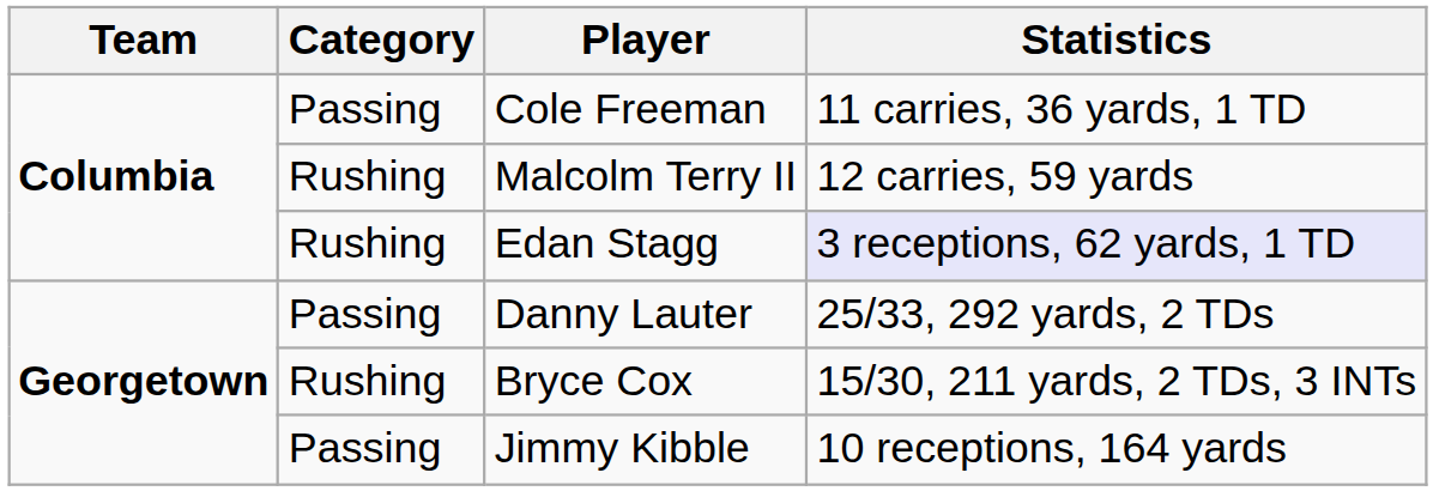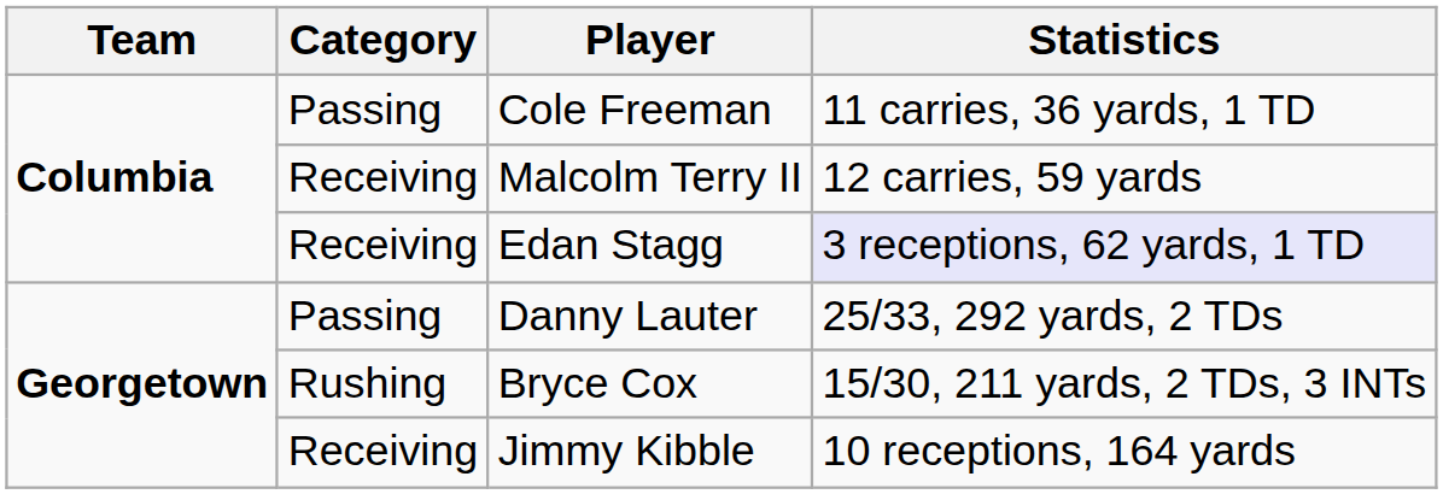 <table class="wikitable" style="float: right;">
 <tr>
 <th>Team</th>
 <th>Category</th>
 <th>Player</th>
 <th>Statistics</th>
 </tr>
 <tr>
 <td rowspan=3><strong>Columbia</strong></td>
 <td>Passing</td>
 <td>Cole Freeman</td>
 <td>11 carries, 36 yards, 1 TD</td>
 </tr>
 <tr>
-<td>Rushing</td>
+<td>Receiving</td>
 <td>Malcolm Terry II</td>
 <td>12 carries, 59 yards</td>
 </tr>
 <tr>
-<td>Rushing</td>
+<td>Receiving</td>
 <td>Edan Stagg</td>
 <td style="background: lavender;">3 receptions, 62 yards, 1 TD</td>
 </tr>
 <tr>
 <td rowspan=3><strong>Georgetown</strong></td>
 <td>Passing</td>
 <td>Danny Lauter</td>
 <td>25/33, 292 yards, 2 TDs</td>
 </tr>
 <tr>
 <td>Rushing</td>
 <td>Bryce Cox</td>
 <td>15/30, 211 yards, 2 TDs, 3 INTs</td>
 </tr>
 <tr>
-<td>Passing</td>
+<td>Receiving</td>
 <td>Jimmy Kibble</td>
 <td>10 receptions, 164 yards</td>
 </tr>
 </table>
